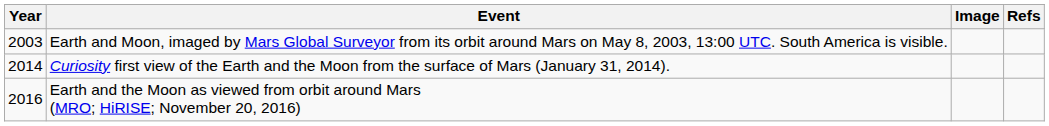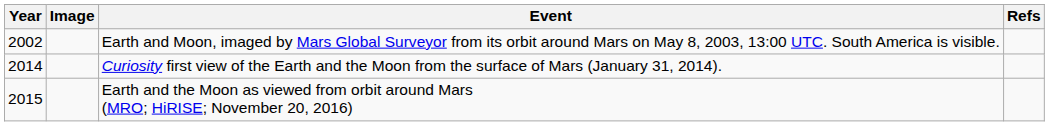 <table class="wikitable">
 <tr>
 <th>Year</th>
+<th>Image</th>
 <th>Event</th>
-<th>Image</th>
 <th>Refs</th>
 </tr>
 <tr>
-<td>2003</td>
+<td>2002</td>
+<td></td>
 <td>Earth and Moon, imaged by <a href='#'>Mars Global Surveyor</a> from its orbit around Mars on May 8, 2003, 13:00 <a href='#'>UTC</a>. South America is visible.</td>
-<td></td>
 <td></td>
 </tr>
 <tr>
 <td>2014</td>
+<td></td>
 <td><em><a href='#'>Curiosity</a></em> first view of the Earth and the Moon from the surface of Mars (January 31, 2014).</td>
-<td></td>
 <td></td>
 </tr>
 <tr>
-<td>2016</td>
+<td>2015</td>
+<td></td>
 <td>Earth and the Moon as viewed from orbit around Mars<br>(<a href='#'>MRO</a>; <a href='#'>HiRISE</a>; November 20, 2016)</td>
-<td></td>
 <td></td>
 </tr>
 </table>
